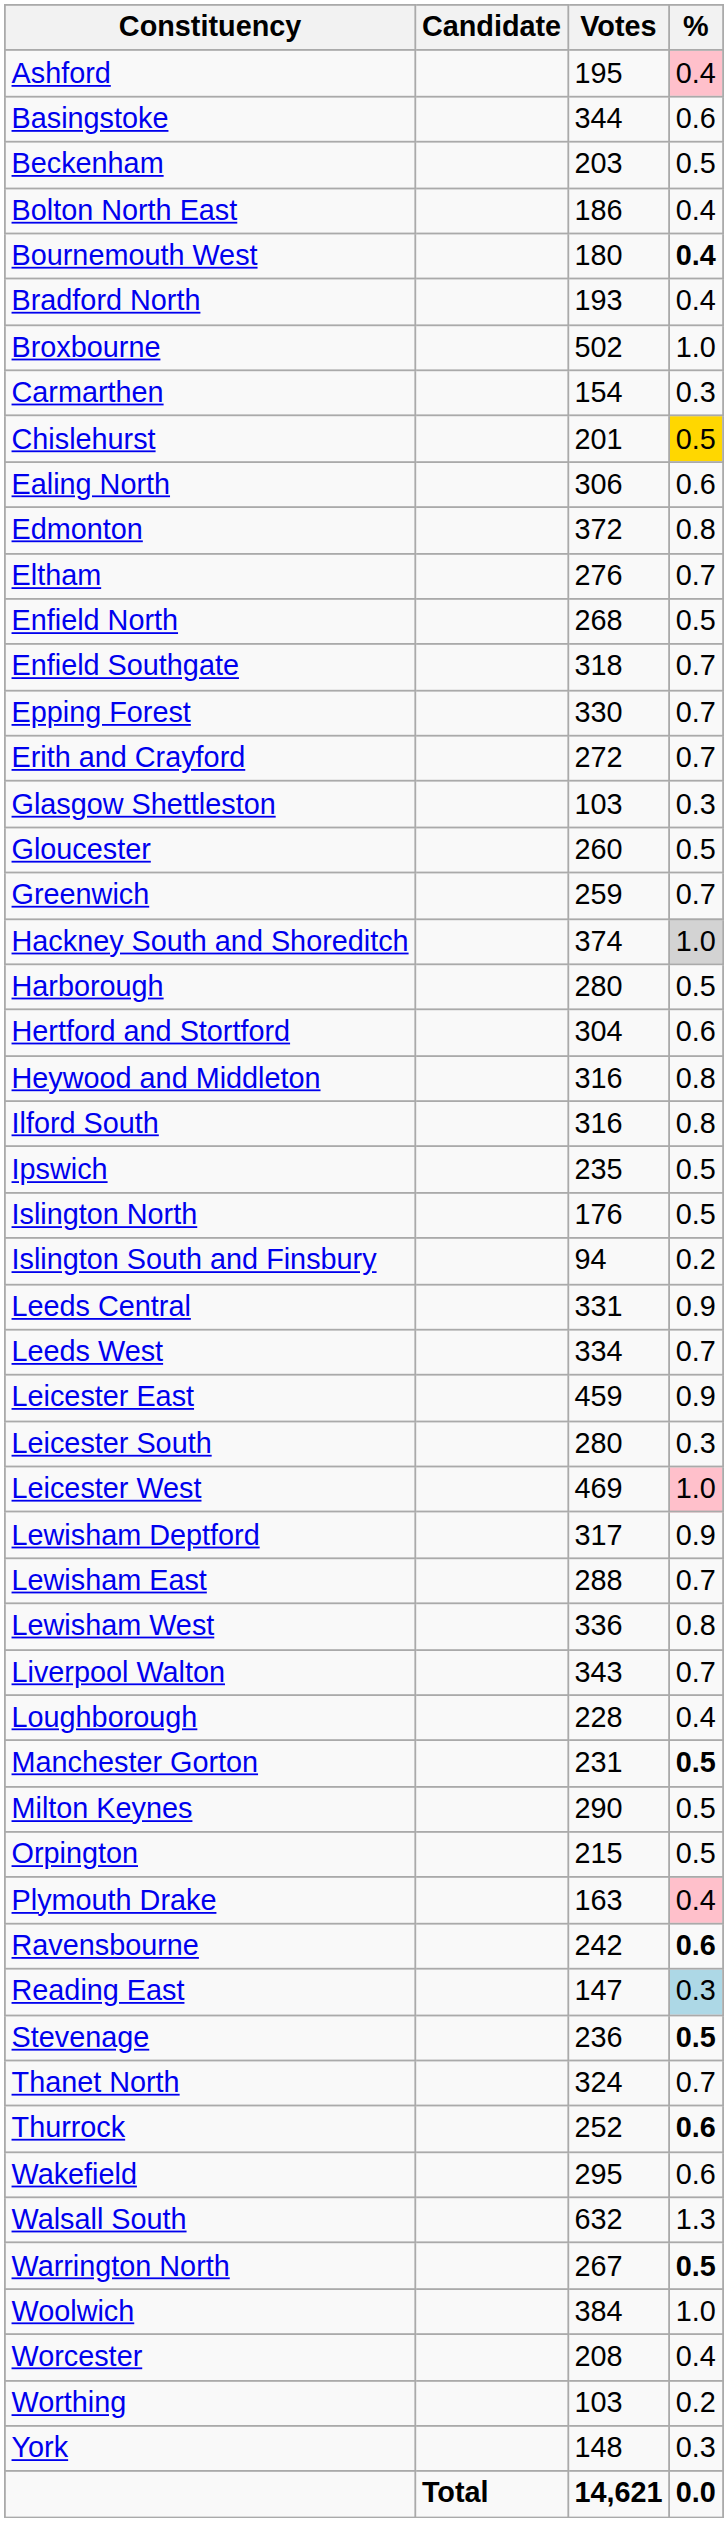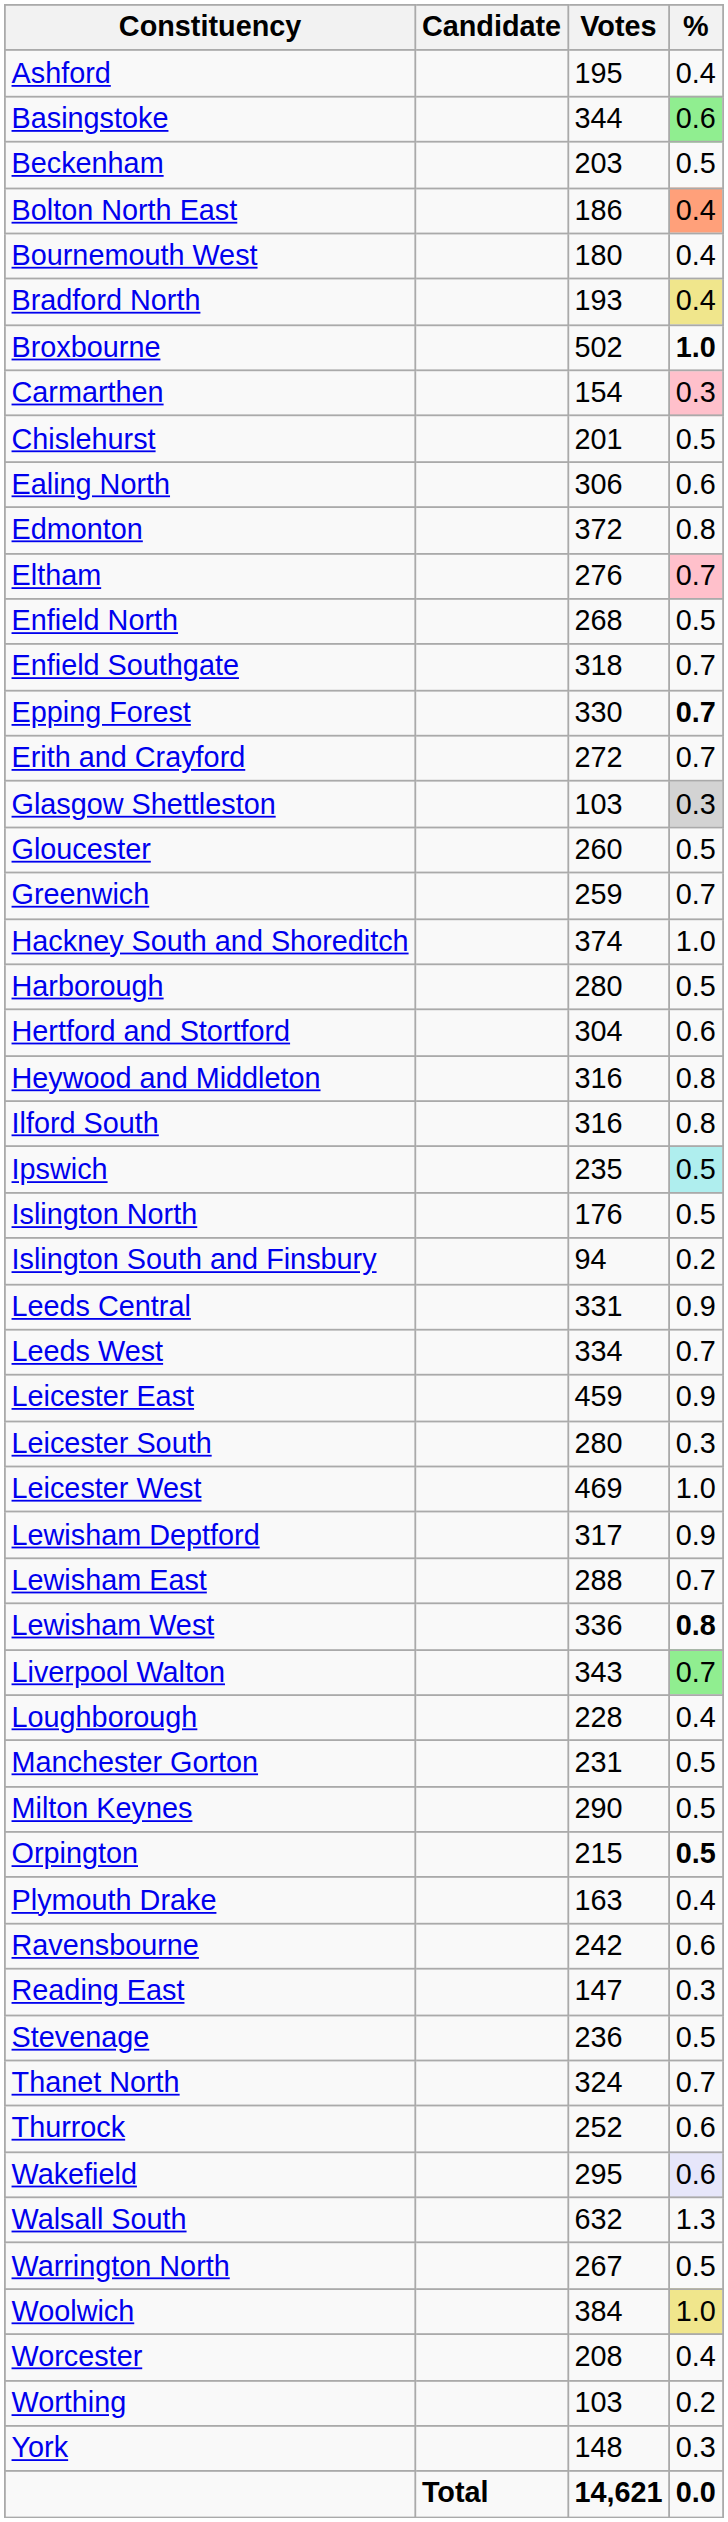 <table class="wikitable sortable">
 <tr>
 <th>Constituency</th>
 <th>Candidate</th>
 <th>Votes</th>
 <th>%</th>
 </tr>
 <tr>
 <td><a href='#'>Ashford</a></td>
 <td></td>
 <td>195</td>
-<td style="background: pink;">0.4</td>
+<td>0.4</td>
 </tr>
 <tr>
 <td><a href='#'>Basingstoke</a></td>
 <td></td>
 <td>344</td>
-<td>0.6</td>
+<td style="background: lightgreen;">0.6</td>
 </tr>
 <tr>
 <td><a href='#'>Beckenham</a></td>
 <td></td>
 <td>203</td>
 <td>0.5</td>
 </tr>
 <tr>
 <td><a href='#'>Bolton North East</a></td>
 <td></td>
 <td>186</td>
-<td>0.4</td>
+<td style="background: lightsalmon;">0.4</td>
 </tr>
 <tr>
 <td><a href='#'>Bournemouth West</a></td>
 <td></td>
 <td>180</td>
-<td><strong>0.4</strong></td>
+<td>0.4</td>
 </tr>
 <tr>
 <td><a href='#'>Bradford North</a></td>
 <td></td>
 <td>193</td>
-<td>0.4</td>
+<td style="background: khaki;">0.4</td>
 </tr>
 <tr>
 <td><a href='#'>Broxbourne</a></td>
 <td></td>
 <td>502</td>
-<td>1.0</td>
+<td><strong>1.0</strong></td>
 </tr>
 <tr>
 <td><a href='#'>Carmarthen</a></td>
 <td></td>
 <td>154</td>
-<td>0.3</td>
+<td style="background: pink;">0.3</td>
 </tr>
 <tr>
 <td><a href='#'>Chislehurst</a></td>
 <td></td>
 <td>201</td>
-<td style="background: gold;">0.5</td>
+<td>0.5</td>
 </tr>
 <tr>
 <td><a href='#'>Ealing North</a></td>
 <td></td>
 <td>306</td>
 <td>0.6</td>
 </tr>
 <tr>
 <td><a href='#'>Edmonton</a></td>
 <td></td>
 <td>372</td>
 <td>0.8</td>
 </tr>
 <tr>
 <td><a href='#'>Eltham</a></td>
 <td></td>
 <td>276</td>
-<td>0.7</td>
+<td style="background: pink;">0.7</td>
 </tr>
 <tr>
 <td><a href='#'>Enfield North</a></td>
 <td></td>
 <td>268</td>
 <td>0.5</td>
 </tr>
 <tr>
 <td><a href='#'>Enfield Southgate</a></td>
 <td></td>
 <td>318</td>
 <td>0.7</td>
 </tr>
 <tr>
 <td><a href='#'>Epping Forest</a></td>
 <td></td>
 <td>330</td>
-<td>0.7</td>
+<td><strong>0.7</strong></td>
 </tr>
 <tr>
 <td><a href='#'>Erith and Crayford</a></td>
 <td></td>
 <td>272</td>
 <td>0.7</td>
 </tr>
 <tr>
 <td><a href='#'>Glasgow Shettleston</a></td>
 <td></td>
 <td>103</td>
-<td>0.3</td>
+<td style="background: lightgrey;">0.3</td>
 </tr>
 <tr>
 <td><a href='#'>Gloucester</a></td>
 <td></td>
 <td>260</td>
 <td>0.5</td>
 </tr>
 <tr>
 <td><a href='#'>Greenwich</a></td>
 <td></td>
 <td>259</td>
 <td>0.7</td>
 </tr>
 <tr>
 <td><a href='#'>Hackney South and Shoreditch</a></td>
 <td></td>
 <td>374</td>
-<td style="background: lightgrey;">1.0</td>
+<td>1.0</td>
 </tr>
 <tr>
 <td><a href='#'>Harborough</a></td>
 <td></td>
 <td>280</td>
 <td>0.5</td>
 </tr>
 <tr>
 <td><a href='#'>Hertford and Stortford</a></td>
 <td></td>
 <td>304</td>
 <td>0.6</td>
 </tr>
 <tr>
 <td><a href='#'>Heywood and Middleton</a></td>
 <td></td>
 <td>316</td>
 <td>0.8</td>
 </tr>
 <tr>
 <td><a href='#'>Ilford South</a></td>
 <td></td>
 <td>316</td>
 <td>0.8</td>
 </tr>
 <tr>
 <td><a href='#'>Ipswich</a></td>
 <td></td>
 <td>235</td>
-<td>0.5</td>
+<td style="background: paleturquoise;">0.5</td>
 </tr>
 <tr>
 <td><a href='#'>Islington North</a></td>
 <td></td>
 <td>176</td>
 <td>0.5</td>
 </tr>
 <tr>
 <td><a href='#'>Islington South and Finsbury</a></td>
 <td></td>
 <td>94</td>
 <td>0.2</td>
 </tr>
 <tr>
 <td><a href='#'>Leeds Central</a></td>
 <td></td>
 <td>331</td>
 <td>0.9</td>
 </tr>
 <tr>
 <td><a href='#'>Leeds West</a></td>
 <td></td>
 <td>334</td>
 <td>0.7</td>
 </tr>
 <tr>
 <td><a href='#'>Leicester East</a></td>
 <td></td>
 <td>459</td>
 <td>0.9</td>
 </tr>
 <tr>
 <td><a href='#'>Leicester South</a></td>
 <td></td>
 <td>280</td>
 <td>0.3</td>
 </tr>
 <tr>
 <td><a href='#'>Leicester West</a></td>
 <td></td>
 <td>469</td>
-<td style="background: pink;">1.0</td>
+<td>1.0</td>
 </tr>
 <tr>
 <td><a href='#'>Lewisham Deptford</a></td>
 <td></td>
 <td>317</td>
 <td>0.9</td>
 </tr>
 <tr>
 <td><a href='#'>Lewisham East</a></td>
 <td></td>
 <td>288</td>
 <td>0.7</td>
 </tr>
 <tr>
 <td><a href='#'>Lewisham West</a></td>
 <td></td>
 <td>336</td>
-<td>0.8</td>
+<td><strong>0.8</strong></td>
 </tr>
 <tr>
 <td><a href='#'>Liverpool Walton</a></td>
 <td></td>
 <td>343</td>
-<td>0.7</td>
+<td style="background: lightgreen;">0.7</td>
 </tr>
 <tr>
 <td><a href='#'>Loughborough</a></td>
 <td></td>
 <td>228</td>
 <td>0.4</td>
 </tr>
 <tr>
 <td><a href='#'>Manchester Gorton</a></td>
 <td></td>
 <td>231</td>
-<td><strong>0.5</strong></td>
+<td>0.5</td>
 </tr>
 <tr>
 <td><a href='#'>Milton Keynes</a></td>
 <td></td>
 <td>290</td>
 <td>0.5</td>
 </tr>
 <tr>
 <td><a href='#'>Orpington</a></td>
 <td></td>
 <td>215</td>
-<td>0.5</td>
+<td><strong>0.5</strong></td>
 </tr>
 <tr>
 <td><a href='#'>Plymouth Drake</a></td>
 <td></td>
 <td>163</td>
-<td style="background: pink;">0.4</td>
+<td>0.4</td>
 </tr>
 <tr>
 <td><a href='#'>Ravensbourne</a></td>
 <td></td>
 <td>242</td>
-<td><strong>0.6</strong></td>
+<td>0.6</td>
 </tr>
 <tr>
 <td><a href='#'>Reading East</a></td>
 <td></td>
 <td>147</td>
-<td style="background: lightblue;">0.3</td>
+<td>0.3</td>
 </tr>
 <tr>
 <td><a href='#'>Stevenage</a></td>
 <td></td>
 <td>236</td>
-<td><strong>0.5</strong></td>
+<td>0.5</td>
 </tr>
 <tr>
 <td><a href='#'>Thanet North</a></td>
 <td></td>
 <td>324</td>
 <td>0.7</td>
 </tr>
 <tr>
 <td><a href='#'>Thurrock</a></td>
 <td></td>
 <td>252</td>
-<td><strong>0.6</strong></td>
+<td>0.6</td>
 </tr>
 <tr>
 <td><a href='#'>Wakefield</a></td>
 <td></td>
 <td>295</td>
-<td>0.6</td>
+<td style="background: lavender;">0.6</td>
 </tr>
 <tr>
 <td><a href='#'>Walsall South</a></td>
 <td></td>
 <td>632</td>
 <td>1.3</td>
 </tr>
 <tr>
 <td><a href='#'>Warrington North</a></td>
 <td></td>
 <td>267</td>
-<td><strong>0.5</strong></td>
+<td>0.5</td>
 </tr>
 <tr>
 <td><a href='#'>Woolwich</a></td>
 <td></td>
 <td>384</td>
-<td>1.0</td>
+<td style="background: khaki;">1.0</td>
 </tr>
 <tr>
 <td><a href='#'>Worcester</a></td>
 <td></td>
 <td>208</td>
 <td>0.4</td>
 </tr>
 <tr>
 <td><a href='#'>Worthing</a></td>
 <td></td>
 <td>103</td>
 <td>0.2</td>
 </tr>
 <tr>
 <td><a href='#'>York</a></td>
 <td></td>
 <td>148</td>
 <td>0.3</td>
 </tr>
 <tr>
 <td></td>
 <td><strong>Total</strong></td>
 <td><strong>14,621</strong></td>
 <td><strong>0.0</strong></td>
 </tr>
 <tr>
 </tr>
 </table>
